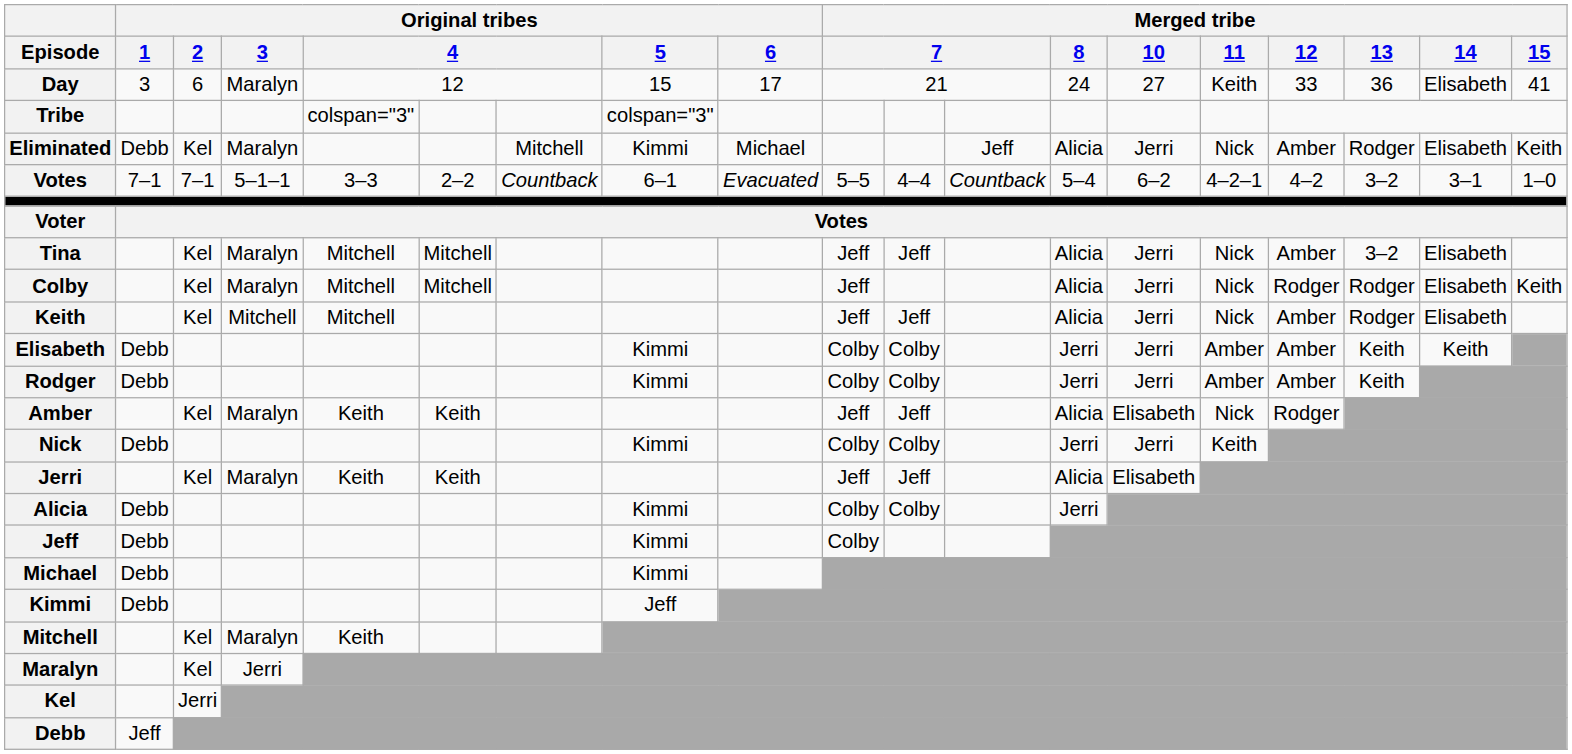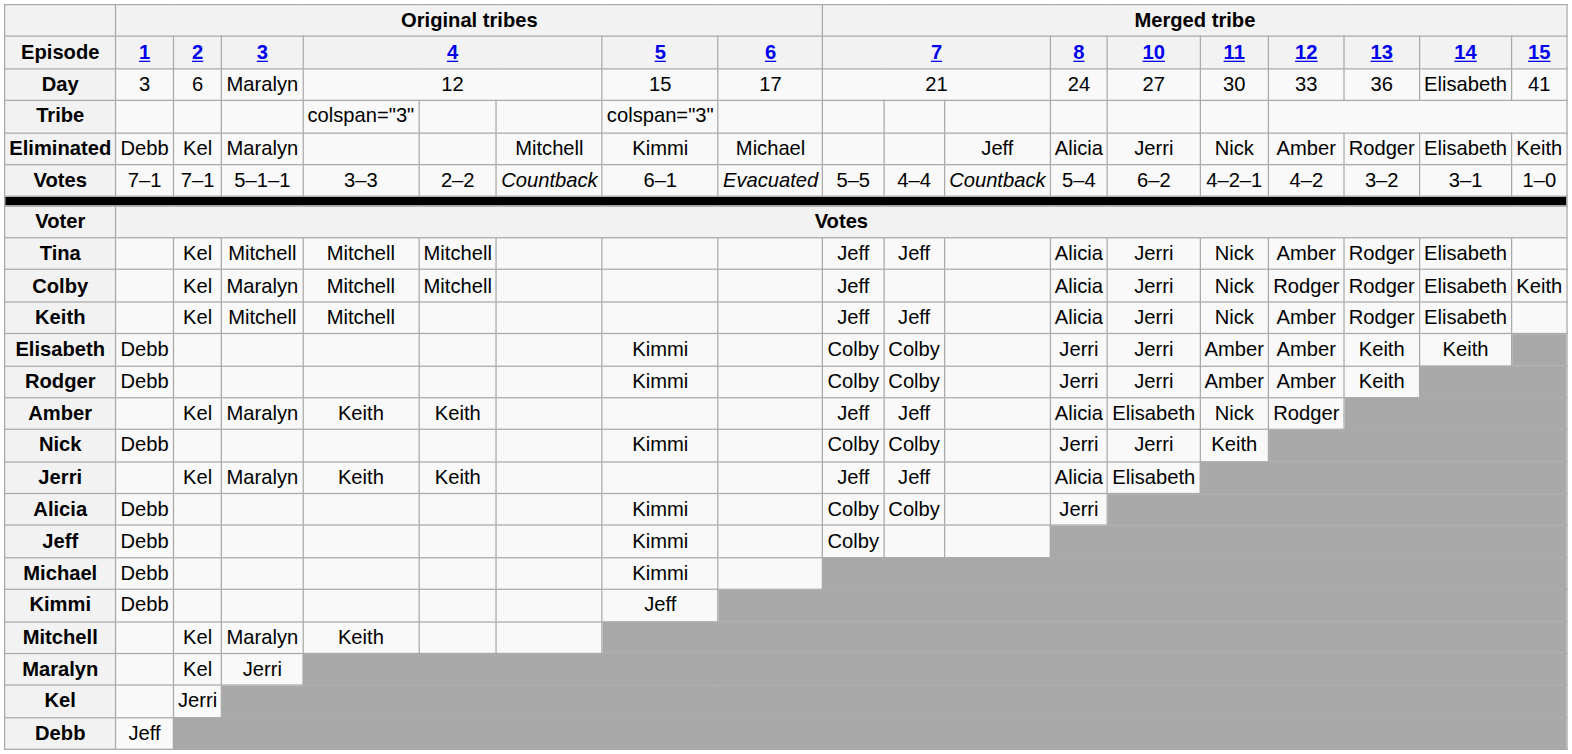 <table class="wikitable nowrap" style="text-align:center;">
 <tr>
 <th></th>
 <th colspan="8">Original tribes</th>
 <th colspan="10">Merged tribe</th>
 </tr>
 <tr>
 <th>Episode</th>
 <th><a href='#'>1</a></th>
 <th><a href='#'>2</a></th>
 <th><a href='#'>3</a></th>
 <th colspan="3"><a href='#'>4</a></th>
 <th><a href='#'>5</a></th>
 <th><a href='#'>6</a></th>
 <th colspan="3"><a href='#'>7</a></th>
 <th><a href='#'>8</a></th>
 <th><a href='#'>10</a></th>
 <th><a href='#'>11</a></th>
 <th><a href='#'>12</a></th>
 <th><a href='#'>13</a></th>
 <th><a href='#'>14</a></th>
 <th><a href='#'>15</a></th>
 </tr>
 <tr>
 <th>Day</th>
 <td>3</td>
 <td>6</td>
 <td>Maralyn</td>
 <td colspan="3">12</td>
 <td>15</td>
 <td>17</td>
 <td colspan="3">21</td>
 <td>24</td>
 <td>27</td>
-<td>Keith</td>
+<td>30</td>
 <td>33</td>
 <td>36</td>
 <td>Elisabeth</td>
 <td>41</td>
 </tr>
 <tr>
 <th>Tribe</th>
 <td></td>
 <td></td>
 <td></td>
 <td>colspan="3" </td>
 <td></td>
 <td></td>
 <td>colspan="3" </td>
 <td></td>
 <td></td>
 <td></td>
 <td></td>
 <td></td>
 <td></td>
 <td></td>
 </tr>
 <tr>
 <th>Eliminated</th>
 <td>Debb</td>
 <td>Kel</td>
 <td>Maralyn</td>
 <td></td>
 <td></td>
 <td>Mitchell</td>
 <td>Kimmi</td>
 <td>Michael</td>
 <td></td>
 <td></td>
 <td>Jeff</td>
 <td>Alicia</td>
 <td>Jerri</td>
 <td>Nick</td>
 <td>Amber</td>
 <td>Rodger</td>
 <td>Elisabeth</td>
 <td>Keith</td>
 </tr>
 <tr>
 <th>Votes</th>
 <td>7–1</td>
 <td>7–1</td>
 <td>5–1–1</td>
 <td>3–3</td>
 <td>2–2</td>
 <td><em>Countback</em></td>
 <td>6–1</td>
 <td><em>Evacuated</em></td>
 <td>5–5</td>
 <td>4–4</td>
 <td><em>Countback</em></td>
 <td>5–4</td>
 <td>6–2</td>
 <td>4–2–1</td>
 <td>4–2</td>
 <td>3–2</td>
 <td>3–1</td>
 <td>1–0</td>
 </tr>
 <tr>
 <td style="background-color:black;" colspan="19"></td>
 </tr>
 <tr>
 <th>Voter</th>
 <th colspan="18">Votes</th>
 </tr>
 <tr>
 <th>Tina</th>
 <td></td>
 <td>Kel</td>
-<td>Maralyn</td>
+<td>Mitchell</td>
 <td>Mitchell</td>
 <td>Mitchell</td>
 <td></td>
 <td></td>
 <td></td>
 <td>Jeff</td>
 <td>Jeff</td>
 <td></td>
 <td>Alicia</td>
 <td>Jerri</td>
 <td>Nick</td>
 <td>Amber</td>
-<td>3–2</td>
+<td>Rodger</td>
 <td>Elisabeth</td>
 <td></td>
 </tr>
 <tr>
 <th>Colby</th>
 <td></td>
 <td>Kel</td>
 <td>Maralyn</td>
 <td>Mitchell</td>
 <td>Mitchell</td>
 <td></td>
 <td></td>
 <td></td>
 <td>Jeff</td>
 <td></td>
 <td></td>
 <td>Alicia</td>
 <td>Jerri</td>
 <td>Nick</td>
 <td>Rodger</td>
 <td>Rodger</td>
 <td>Elisabeth</td>
 <td>Keith</td>
 </tr>
 <tr>
 <th>Keith</th>
 <td></td>
 <td>Kel</td>
 <td>Mitchell</td>
 <td>Mitchell</td>
 <td></td>
 <td></td>
 <td></td>
 <td></td>
 <td>Jeff</td>
 <td>Jeff</td>
 <td></td>
 <td>Alicia</td>
 <td>Jerri</td>
 <td>Nick</td>
 <td>Amber</td>
 <td>Rodger</td>
 <td>Elisabeth</td>
 <td></td>
 </tr>
 <tr>
 <th>Elisabeth</th>
 <td>Debb</td>
 <td></td>
 <td></td>
 <td></td>
 <td></td>
 <td></td>
 <td>Kimmi</td>
 <td></td>
 <td>Colby</td>
 <td>Colby</td>
 <td></td>
 <td>Jerri</td>
 <td>Jerri</td>
 <td>Amber</td>
 <td>Amber</td>
 <td>Keith</td>
 <td>Keith</td>
 <td style="background-color:darkgrey;"></td>
 </tr>
 <tr>
 <th>Rodger</th>
 <td>Debb</td>
 <td></td>
 <td></td>
 <td></td>
 <td></td>
 <td></td>
 <td>Kimmi</td>
 <td></td>
 <td>Colby</td>
 <td>Colby</td>
 <td></td>
 <td>Jerri</td>
 <td>Jerri</td>
 <td>Amber</td>
 <td>Amber</td>
 <td>Keith</td>
 <td style="background-color:darkgrey;" colspan="2"></td>
 </tr>
 <tr>
 <th>Amber</th>
 <td></td>
 <td>Kel</td>
 <td>Maralyn</td>
 <td>Keith</td>
 <td>Keith</td>
 <td></td>
 <td></td>
 <td></td>
 <td>Jeff</td>
 <td>Jeff</td>
 <td></td>
 <td>Alicia</td>
 <td>Elisabeth</td>
 <td>Nick</td>
 <td>Rodger</td>
 <td style="background-color:darkgrey;" colspan="3"></td>
 </tr>
 <tr>
 <th>Nick</th>
 <td>Debb</td>
 <td></td>
 <td></td>
 <td></td>
 <td></td>
 <td></td>
 <td>Kimmi</td>
 <td></td>
 <td>Colby</td>
 <td>Colby</td>
 <td></td>
 <td>Jerri</td>
 <td>Jerri</td>
 <td>Keith</td>
 <td style="background-color:darkgrey;" colspan="4"></td>
 </tr>
 <tr>
 <th>Jerri</th>
 <td></td>
 <td>Kel</td>
 <td>Maralyn</td>
 <td>Keith</td>
 <td>Keith</td>
 <td></td>
 <td></td>
 <td></td>
 <td>Jeff</td>
 <td>Jeff</td>
 <td></td>
 <td>Alicia</td>
 <td>Elisabeth</td>
 <td style="background-color:darkgrey;" colspan="5"></td>
 </tr>
 <tr>
 <th>Alicia</th>
 <td>Debb</td>
 <td></td>
 <td></td>
 <td></td>
 <td></td>
 <td></td>
 <td>Kimmi</td>
 <td></td>
 <td>Colby</td>
 <td>Colby</td>
 <td></td>
 <td>Jerri</td>
 <td style="background-color:darkgrey;" colspan="6"></td>
 </tr>
 <tr>
 <th>Jeff</th>
 <td>Debb</td>
 <td></td>
 <td></td>
 <td></td>
 <td></td>
 <td></td>
 <td>Kimmi</td>
 <td></td>
 <td>Colby</td>
 <td></td>
 <td></td>
 <td style="background-color:darkgrey;" colspan="7"></td>
 </tr>
 <tr>
 <th>Michael</th>
 <td>Debb</td>
 <td></td>
 <td></td>
 <td></td>
 <td></td>
 <td></td>
 <td>Kimmi</td>
 <td></td>
 <td style="background-color:darkgrey;" colspan="10"></td>
 </tr>
 <tr>
 <th>Kimmi</th>
 <td>Debb</td>
 <td></td>
 <td></td>
 <td></td>
 <td></td>
 <td></td>
 <td>Jeff</td>
 <td style="background-color:darkgrey;" colspan="11"></td>
 </tr>
 <tr>
 <th>Mitchell</th>
 <td></td>
 <td>Kel</td>
 <td>Maralyn</td>
 <td>Keith</td>
 <td></td>
 <td></td>
 <td style="background-color:darkgrey;" colspan="12"></td>
 </tr>
 <tr>
 <th>Maralyn</th>
 <td></td>
 <td>Kel</td>
 <td>Jerri</td>
 <td style="background-color:darkgrey;" colspan="15"></td>
 </tr>
 <tr>
 <th>Kel</th>
 <td></td>
 <td>Jerri</td>
 <td style="background-color:darkgrey;" colspan="16"></td>
 </tr>
 <tr>
 <th>Debb</th>
 <td>Jeff</td>
 <td style="background-color:darkgrey;" colspan="17"></td>
 </tr>
 </table>
